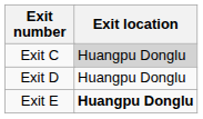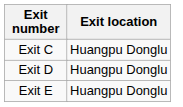 <table class="wikitable">
 <tr>
 <th style="width:70px" colspan="2">Exit number</th>
 <th>Exit location</th>
 </tr>
 <tr>
 <td align="center" colspan="2">Exit C</td>
-<td style="background: lightgrey;">Huangpu Donglu</td>
+<td>Huangpu Donglu</td>
 </tr>
 <tr>
 <td align="center" colspan="2">Exit D</td>
 <td>Huangpu Donglu</td>
 </tr>
 <tr>
 <td align="center" colspan="2">Exit E</td>
-<td><strong>Huangpu Donglu</strong></td>
+<td>Huangpu Donglu</td>
 </tr>
 </table>
